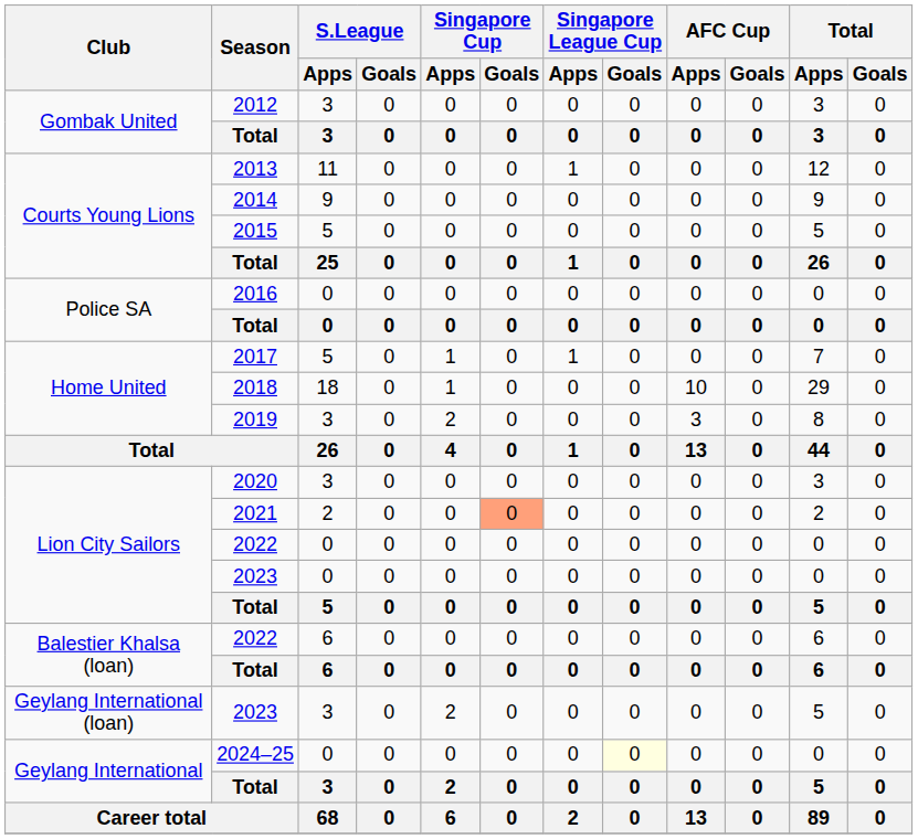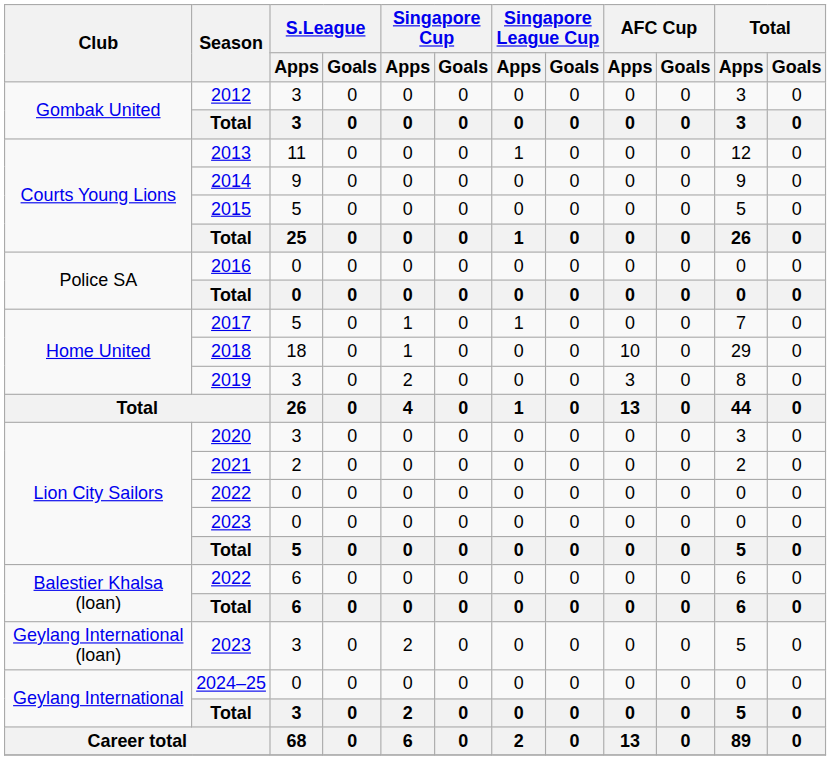 <table class="wikitable" style="text-align:center">
 <tr>
 <th rowspan=2 width=160>Club</th>
 <th rowspan=2>Season</th>
 <th colspan=2><a href='#'>S.League</a></th>
 <th colspan=2><a href='#'>Singapore Cup</a></th>
 <th colspan=2><a href='#'>Singapore<br>League Cup</a></th>
 <th colspan=2>AFC Cup</th>
 <th colspan=2>Total</th>
 </tr>
 <tr>
 <th width=40>Apps</th>
 <th width=40>Goals</th>
 <th width=40>Apps</th>
 <th width=40>Goals</th>
 <th width=40>Apps</th>
 <th width=40>Goals</th>
 <th width=40>Apps</th>
 <th width=40>Goals</th>
 <th width=40>Apps</th>
 <th width=40>Goals</th>
 </tr>
 <tr>
 <td rowspan="2"><a href='#'>Gombak United</a></td>
 <td><a href='#'>2012</a></td>
 <td>3</td>
 <td>0</td>
 <td>0</td>
 <td>0</td>
 <td>0</td>
 <td>0</td>
 <td>0</td>
 <td>0</td>
 <td>3</td>
 <td>0</td>
 </tr>
 <tr>
 <th>Total</th>
 <th>3</th>
 <th>0</th>
 <th>0</th>
 <th>0</th>
 <th>0</th>
 <th>0</th>
 <th>0</th>
 <th>0</th>
 <th>3</th>
 <th>0</th>
 </tr>
 <tr>
 <td rowspan=4><a href='#'>Courts Young Lions</a></td>
 <td><a href='#'>2013</a></td>
 <td>11</td>
 <td>0</td>
 <td>0</td>
 <td>0</td>
 <td>1</td>
 <td>0</td>
 <td>0</td>
 <td>0</td>
 <td>12</td>
 <td>0</td>
 </tr>
 <tr>
 <td><a href='#'>2014</a></td>
 <td>9</td>
 <td>0</td>
 <td>0</td>
 <td>0</td>
 <td>0</td>
 <td>0</td>
 <td>0</td>
 <td>0</td>
 <td>9</td>
 <td>0</td>
 </tr>
 <tr>
 <td><a href='#'>2015</a></td>
 <td>5</td>
 <td>0</td>
 <td>0</td>
 <td>0</td>
 <td>0</td>
 <td>0</td>
 <td>0</td>
 <td>0</td>
 <td>5</td>
 <td>0</td>
 </tr>
 <tr>
 <th>Total</th>
 <th>25</th>
 <th>0</th>
 <th>0</th>
 <th>0</th>
 <th>1</th>
 <th>0</th>
 <th>0</th>
 <th>0</th>
 <th>26</th>
 <th>0</th>
 </tr>
 <tr>
 <td rowspan="2">Police SA</td>
 <td><a href='#'>2016</a></td>
 <td>0</td>
 <td>0</td>
 <td>0</td>
 <td>0</td>
 <td>0</td>
 <td>0</td>
 <td>0</td>
 <td>0</td>
 <td>0</td>
 <td>0</td>
 </tr>
 <tr>
 <th>Total</th>
 <th>0</th>
 <th>0</th>
 <th>0</th>
 <th>0</th>
 <th>0</th>
 <th>0</th>
 <th>0</th>
 <th>0</th>
 <th>0</th>
 <th>0</th>
 </tr>
 <tr>
 <td rowspan=3><a href='#'>Home United</a></td>
 <td><a href='#'>2017</a></td>
 <td>5</td>
 <td>0</td>
 <td>1</td>
 <td>0</td>
 <td>1</td>
 <td>0</td>
 <td>0</td>
 <td>0</td>
 <td>7</td>
 <td>0</td>
 </tr>
 <tr>
 <td><a href='#'>2018</a></td>
 <td>18</td>
 <td>0</td>
 <td>1</td>
 <td>0</td>
 <td>0</td>
 <td>0</td>
 <td>10</td>
 <td>0</td>
 <td>29</td>
 <td>0</td>
 </tr>
 <tr>
 <td><a href='#'>2019</a></td>
 <td>3</td>
 <td>0</td>
 <td>2</td>
 <td>0</td>
 <td>0</td>
 <td>0</td>
 <td>3</td>
 <td>0</td>
 <td>8</td>
 <td>0</td>
 </tr>
 <tr>
 <th colspan=2>Total</th>
 <th>26</th>
 <th>0</th>
 <th>4</th>
 <th>0</th>
 <th>1</th>
 <th>0</th>
 <th>13</th>
 <th>0</th>
 <th>44</th>
 <th>0</th>
 </tr>
 <tr>
 <td rowspan="5"><a href='#'>Lion City Sailors</a></td>
 <td><a href='#'>2020</a></td>
 <td>3</td>
 <td>0</td>
 <td>0</td>
 <td>0</td>
 <td>0</td>
 <td>0</td>
 <td>0</td>
 <td>0</td>
 <td>3</td>
 <td>0</td>
 </tr>
 <tr>
 <td><a href='#'>2021</a></td>
 <td>2</td>
 <td>0</td>
 <td>0</td>
-<td style="background: lightsalmon;">0</td>
+<td>0</td>
 <td>0</td>
 <td>0</td>
 <td>0</td>
 <td>0</td>
 <td>2</td>
 <td>0</td>
 </tr>
 <tr>
 <td><a href='#'>2022</a></td>
 <td>0</td>
 <td>0</td>
 <td>0</td>
 <td>0</td>
 <td>0</td>
 <td>0</td>
 <td>0</td>
 <td>0</td>
 <td>0</td>
 <td>0</td>
 </tr>
 <tr>
 <td><a href='#'>2023</a></td>
 <td>0</td>
 <td>0</td>
 <td>0</td>
 <td>0</td>
 <td>0</td>
 <td>0</td>
 <td>0</td>
 <td>0</td>
 <td>0</td>
 <td>0</td>
 </tr>
 <tr>
 <th>Total</th>
 <th>5</th>
 <th>0</th>
 <th>0</th>
 <th>0</th>
 <th>0</th>
 <th>0</th>
 <th>0</th>
 <th>0</th>
 <th>5</th>
 <th>0</th>
 </tr>
 <tr>
 <td rowspan="2"><a href='#'>Balestier Khalsa</a> (loan)</td>
 <td><a href='#'>2022</a></td>
 <td>6</td>
 <td>0</td>
 <td>0</td>
 <td>0</td>
 <td>0</td>
 <td>0</td>
 <td>0</td>
 <td>0</td>
 <td>6</td>
 <td>0</td>
 </tr>
 <tr>
 <th>Total</th>
 <th>6</th>
 <th>0</th>
 <th>0</th>
 <th>0</th>
 <th>0</th>
 <th>0</th>
 <th>0</th>
 <th>0</th>
 <th>6</th>
 <th>0</th>
 </tr>
 <tr>
 <td rowspan="1"><a href='#'>Geylang International</a> (loan)</td>
 <td><a href='#'>2023</a></td>
 <td>3</td>
 <td>0</td>
 <td>2</td>
 <td>0</td>
 <td>0</td>
 <td>0</td>
 <td>0</td>
 <td>0</td>
 <td>5</td>
 <td>0</td>
 </tr>
 <tr>
 <td rowspan="2"><a href='#'>Geylang International</a></td>
 <td><a href='#'>2024–25</a></td>
 <td>0</td>
 <td>0</td>
 <td>0</td>
 <td>0</td>
 <td>0</td>
-<td style="background: lightyellow;">0</td>
+<td>0</td>
 <td>0</td>
 <td>0</td>
 <td>0</td>
 <td>0</td>
 </tr>
 <tr>
 <th>Total</th>
 <th>3</th>
 <th>0</th>
 <th>2</th>
 <th>0</th>
 <th>0</th>
 <th>0</th>
 <th>0</th>
 <th>0</th>
 <th>5</th>
 <th>0</th>
 </tr>
 <tr>
 <th colspan=2>Career total</th>
 <th>68</th>
 <th>0</th>
 <th>6</th>
 <th>0</th>
 <th>2</th>
 <th>0</th>
 <th>13</th>
 <th>0</th>
 <th>89</th>
 <th>0</th>
 </tr>
 <tr>
 </tr>
 </table>
